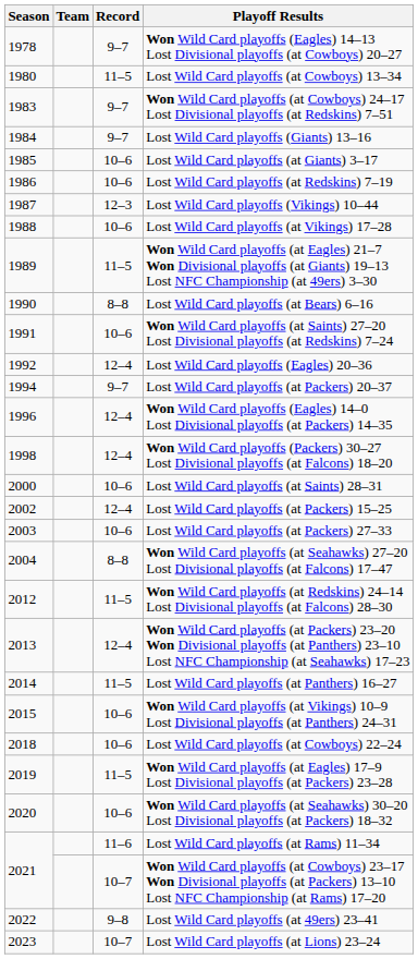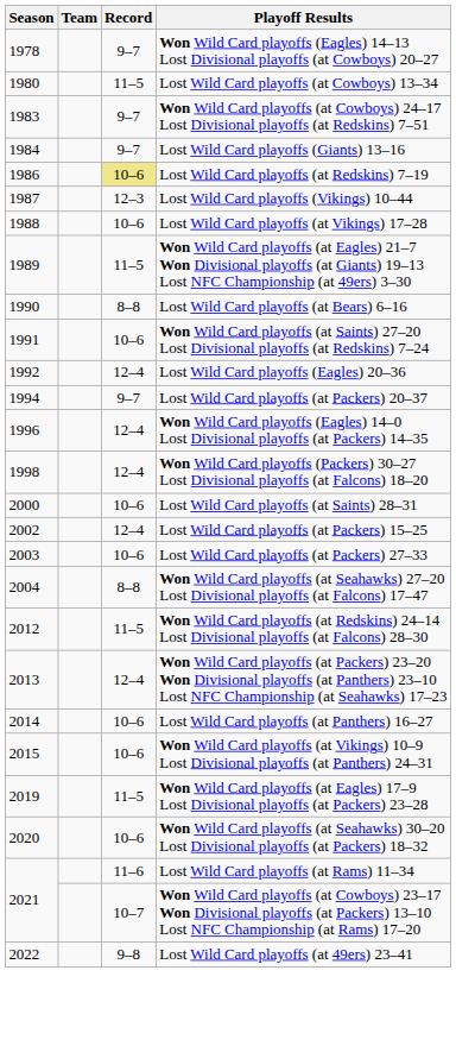 <table class="wikitable">
 <tr>
 <th>Season</th>
 <th>Team</th>
 <th>Record</th>
 <th>Playoff Results</th>
 </tr>
 <tr>
 <td>1978</td>
 <td><strong><a href='#'></a></strong></td>
 <td align="center">9–7</td>
 <td><strong>Won</strong> <a href='#'>Wild Card playoffs</a> (<a href='#'>Eagles</a>) 14–13<br>Lost <a href='#'>Divisional playoffs</a> (at <a href='#'>Cowboys</a>) 20–27</td>
 </tr>
 <tr>
 <td>1980</td>
 <td><strong><a href='#'></a></strong></td>
 <td align="center">11–5</td>
 <td>Lost <a href='#'>Wild Card playoffs</a> (at <a href='#'>Cowboys</a>) 13–34</td>
 </tr>
 <tr>
 <td>1983</td>
 <td><strong><a href='#'></a></strong></td>
 <td align="center">9–7</td>
 <td><strong>Won</strong> <a href='#'>Wild Card playoffs</a> (at <a href='#'>Cowboys</a>) 24–17<br>Lost <a href='#'>Divisional playoffs</a> (at <a href='#'>Redskins</a>) 7–51</td>
 </tr>
 <tr>
 <td>1984</td>
 <td><strong><a href='#'></a></strong></td>
 <td align="center">9–7</td>
 <td>Lost <a href='#'>Wild Card playoffs</a> (<a href='#'>Giants</a>) 13–16</td>
 </tr>
 <tr>
-<td>1985</td>
-<td><strong><a href='#'></a></strong></td>
-<td align="center">10–6</td>
-<td>Lost <a href='#'>Wild Card playoffs</a> (at <a href='#'>Giants</a>) 3–17</td>
-</tr>
-<tr>
 <td>1986</td>
 <td><strong><a href='#'></a></strong></td>
-<td align="center">10–6</td>
+<td align="center" style="background: khaki;">10–6</td>
 <td>Lost <a href='#'>Wild Card playoffs</a> (at <a href='#'>Redskins</a>) 7–19</td>
 </tr>
 <tr>
 <td>1987</td>
 <td><strong><a href='#'></a></strong></td>
 <td align="center">12–3</td>
 <td>Lost <a href='#'>Wild Card playoffs</a> (<a href='#'>Vikings</a>) 10–44</td>
 </tr>
 <tr>
 <td>1988</td>
 <td><strong><a href='#'></a></strong></td>
 <td align="center">10–6</td>
 <td>Lost <a href='#'>Wild Card playoffs</a> (at <a href='#'>Vikings</a>) 17–28</td>
 </tr>
 <tr>
 <td>1989</td>
 <td><strong><a href='#'></a></strong></td>
 <td align="center">11–5</td>
 <td><strong>Won</strong> <a href='#'>Wild Card playoffs</a> (at <a href='#'>Eagles</a>) 21–7<br><strong>Won</strong> <a href='#'>Divisional playoffs</a> (at <a href='#'>Giants</a>) 19–13<br>Lost <a href='#'>NFC Championship</a> (at <a href='#'>49ers</a>) 3–30</td>
 </tr>
 <tr>
 <td>1990</td>
 <td><strong><a href='#'></a></strong></td>
 <td align="center">8–8</td>
 <td>Lost <a href='#'>Wild Card playoffs</a> (at <a href='#'>Bears</a>) 6–16</td>
 </tr>
 <tr>
 <td>1991</td>
 <td><strong><a href='#'></a></strong></td>
 <td align="center">10–6</td>
 <td><strong>Won</strong> <a href='#'>Wild Card playoffs</a> (at <a href='#'>Saints</a>) 27–20<br>Lost <a href='#'>Divisional playoffs</a> (at <a href='#'>Redskins</a>) 7–24</td>
 </tr>
 <tr>
 <td>1992</td>
 <td><strong><a href='#'></a></strong></td>
 <td align="center">12–4</td>
 <td>Lost <a href='#'>Wild Card playoffs</a> (<a href='#'>Eagles</a>) 20–36</td>
 </tr>
 <tr>
 <td>1994</td>
 <td><strong><a href='#'></a></strong></td>
 <td align="center">9–7</td>
 <td>Lost <a href='#'>Wild Card playoffs</a> (at <a href='#'>Packers</a>) 20–37</td>
 </tr>
 <tr>
 <td>1996</td>
 <td><strong><a href='#'></a></strong></td>
 <td align="center">12–4</td>
 <td><strong>Won</strong> <a href='#'>Wild Card playoffs</a> (<a href='#'>Eagles</a>) 14–0<br>Lost <a href='#'>Divisional playoffs</a> (at <a href='#'>Packers</a>) 14–35</td>
 </tr>
 <tr>
 <td>1998</td>
 <td><strong><a href='#'></a></strong></td>
 <td align="center">12–4</td>
 <td><strong>Won</strong> <a href='#'>Wild Card playoffs</a> (<a href='#'>Packers</a>) 30–27<br>Lost <a href='#'>Divisional playoffs</a> (at <a href='#'>Falcons</a>) 18–20</td>
 </tr>
 <tr>
 <td>2000</td>
 <td><strong><a href='#'></a></strong></td>
 <td align="center">10–6</td>
 <td>Lost <a href='#'>Wild Card playoffs</a> (at <a href='#'>Saints</a>) 28–31</td>
 </tr>
 <tr>
 <td>2002</td>
 <td><strong><a href='#'></a></strong></td>
 <td align="center">12–4</td>
 <td>Lost <a href='#'>Wild Card playoffs</a> (at <a href='#'>Packers</a>) 15–25</td>
 </tr>
 <tr>
 <td>2003</td>
 <td><strong><a href='#'></a></strong></td>
 <td align="center">10–6</td>
 <td>Lost <a href='#'>Wild Card playoffs</a> (at <a href='#'>Packers</a>) 27–33 </td>
 </tr>
 <tr>
 <td>2004</td>
 <td><strong><a href='#'></a></strong></td>
 <td align="center">8–8</td>
 <td><strong>Won</strong> <a href='#'>Wild Card playoffs</a> (at <a href='#'>Seahawks</a>) 27–20<br>Lost <a href='#'>Divisional playoffs</a> (at <a href='#'>Falcons</a>) 17–47</td>
 </tr>
 <tr>
 <td>2012</td>
 <td><strong><a href='#'></a></strong></td>
 <td align="center">11–5</td>
 <td><strong>Won</strong> <a href='#'>Wild Card playoffs</a> (at <a href='#'>Redskins</a>) 24–14<br>Lost <a href='#'>Divisional playoffs</a> (at <a href='#'>Falcons</a>) 28–30</td>
 </tr>
 <tr>
 <td>2013</td>
 <td><strong><a href='#'></a></strong></td>
 <td align="center">12–4</td>
 <td><strong>Won</strong> <a href='#'>Wild Card playoffs</a> (at <a href='#'>Packers</a>) 23–20<br><strong>Won</strong> <a href='#'>Divisional playoffs</a> (at <a href='#'>Panthers</a>) 23–10<br>Lost <a href='#'>NFC Championship</a> (at <a href='#'>Seahawks</a>) 17–23</td>
 </tr>
 <tr>
 <td>2014</td>
 <td><strong><a href='#'></a></strong></td>
-<td align="center">11–5</td>
+<td align="center">10–6</td>
 <td>Lost <a href='#'>Wild Card playoffs</a> (at <a href='#'>Panthers</a>) 16–27</td>
 </tr>
 <tr>
 <td>2015</td>
 <td><strong><a href='#'></a></strong></td>
 <td align="center">10–6</td>
 <td><strong>Won</strong> <a href='#'>Wild Card playoffs</a> (at <a href='#'>Vikings</a>) 10–9<br>Lost <a href='#'>Divisional playoffs</a> (at <a href='#'>Panthers</a>) 24–31</td>
-</tr>
-<tr>
-<td>2018</td>
-<td><strong><a href='#'></a></strong></td>
-<td align="center">10–6</td>
-<td>Lost <a href='#'>Wild Card playoffs</a> (at <a href='#'>Cowboys</a>) 22–24</td>
 </tr>
 <tr>
 <td>2019</td>
 <td><strong><a href='#'></a></strong></td>
 <td align="center">11–5</td>
 <td><strong>Won</strong> <a href='#'>Wild Card playoffs</a> (at <a href='#'>Eagles</a>) 17–9 <br> Lost <a href='#'>Divisional playoffs</a> (at <a href='#'>Packers</a>) 23–28</td>
 </tr>
 <tr>
 <td>2020</td>
 <td><strong><a href='#'></a></strong></td>
 <td align="center">10–6</td>
 <td><strong>Won</strong> <a href='#'>Wild Card playoffs</a> (at <a href='#'>Seahawks</a>) 30–20 <br>Lost <a href='#'>Divisional playoffs</a> (at <a href='#'>Packers</a>) 18–32</td>
 </tr>
 <tr>
 <td rowspan="2">2021</td>
 <td><strong><a href='#'></a></strong></td>
 <td align="center">11–6</td>
 <td>Lost <a href='#'>Wild Card playoffs</a> (at <a href='#'>Rams</a>) 11–34</td>
 </tr>
 <tr>
 <td><strong><a href='#'></a></strong></td>
 <td align="center">10–7</td>
 <td><strong>Won</strong> <a href='#'>Wild Card playoffs</a> (at <a href='#'>Cowboys</a>) 23–17 <br> <strong>Won</strong> <a href='#'>Divisional playoffs</a> (at <a href='#'>Packers</a>) 13–10 <br> Lost <a href='#'>NFC Championship</a> (at <a href='#'>Rams</a>) 17–20</td>
 </tr>
 <tr>
 <td>2022</td>
 <td><strong><a href='#'></a></strong></td>
 <td align="center">9–8</td>
 <td>Lost <a href='#'>Wild Card playoffs</a> (at <a href='#'>49ers</a>) 23–41</td>
 </tr>
-<tr>
-<td>2023</td>
-<td><strong><a href='#'></a></strong></td>
-<td align="center">10–7</td>
-<td>Lost <a href='#'>Wild Card playoffs</a> (at <a href='#'>Lions</a>) 23–24</td>
-</tr>
 </table>
